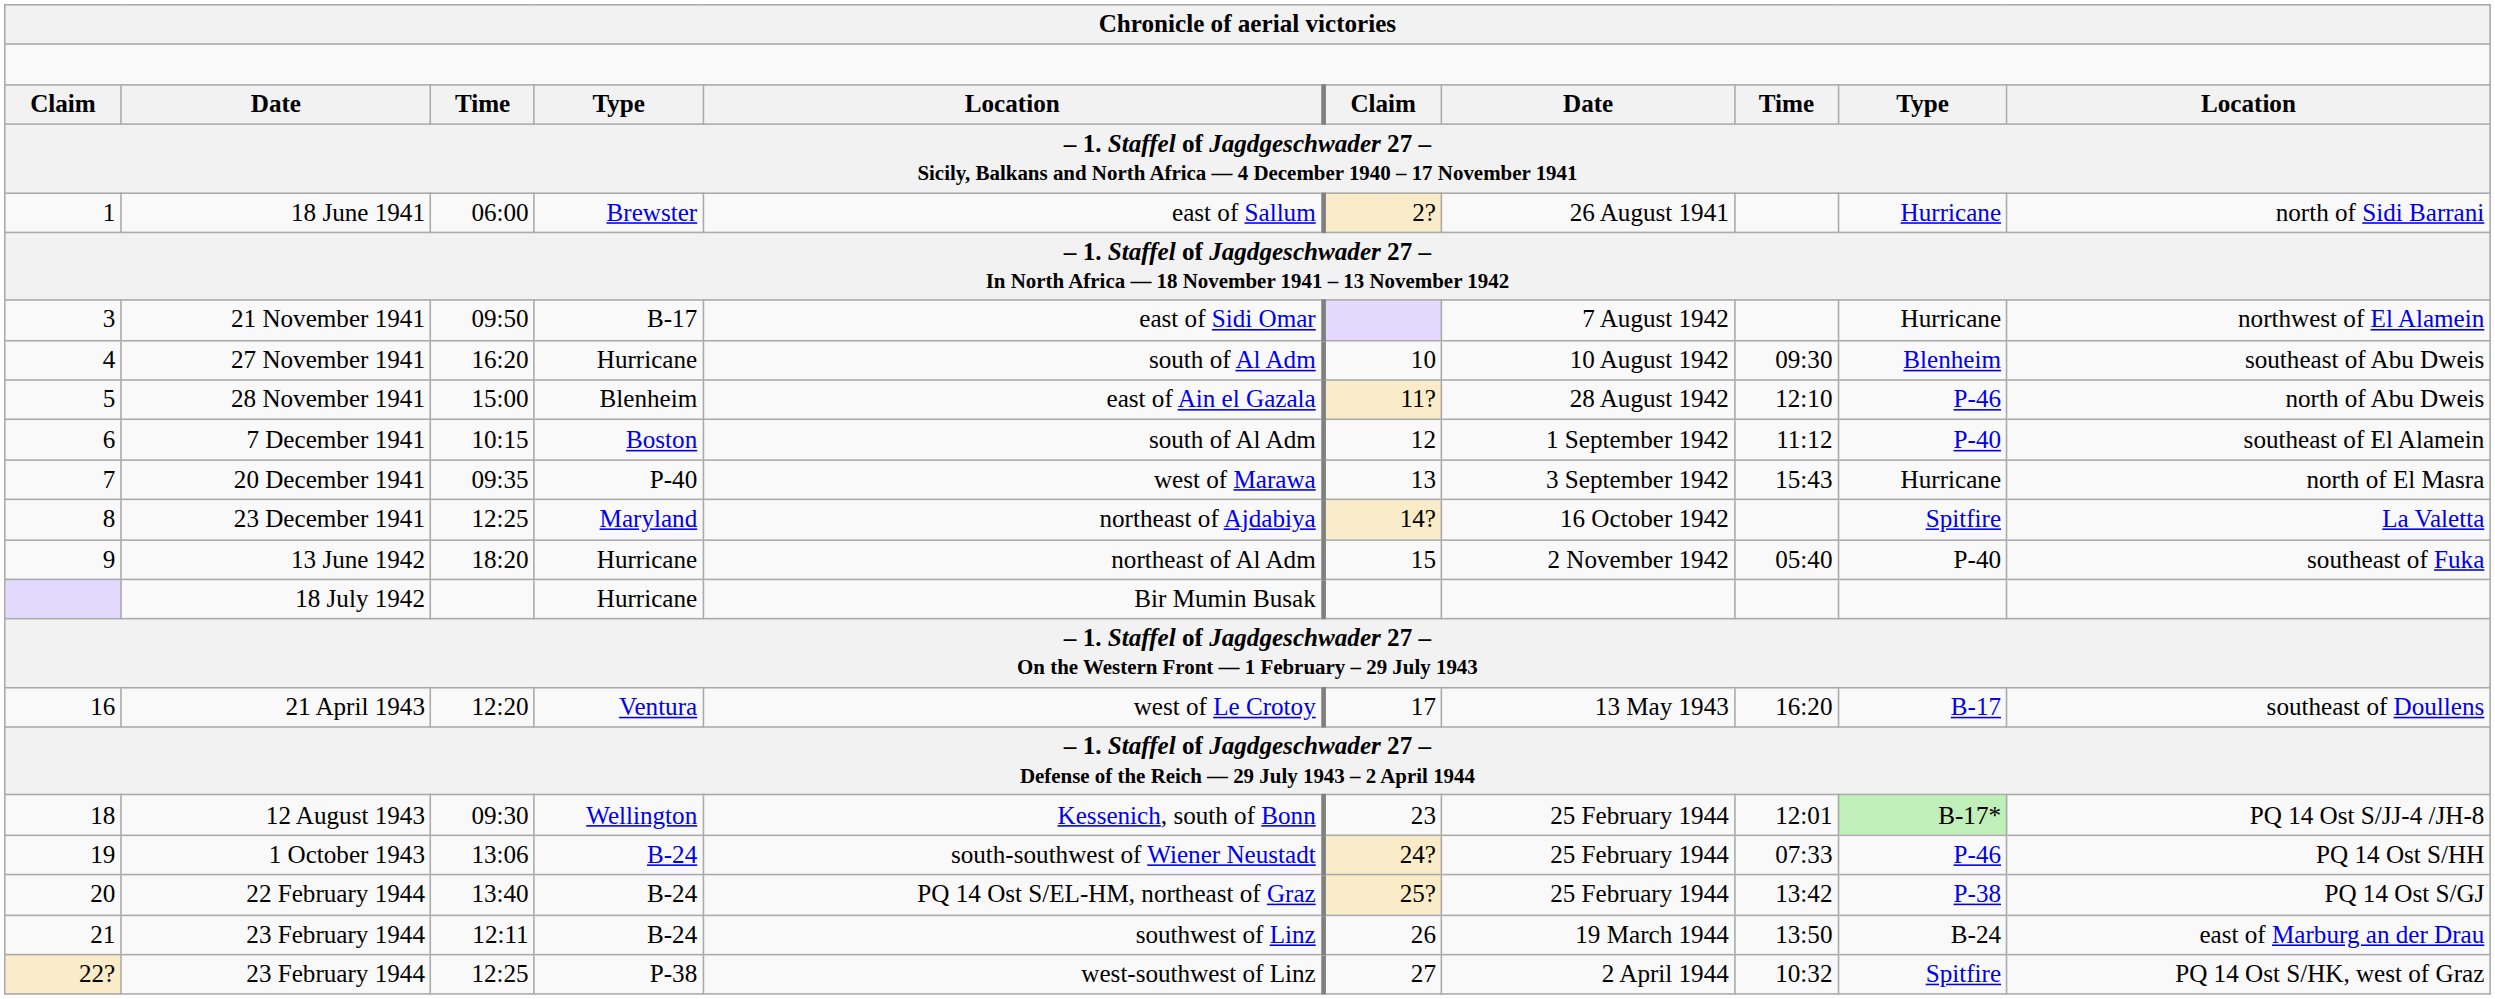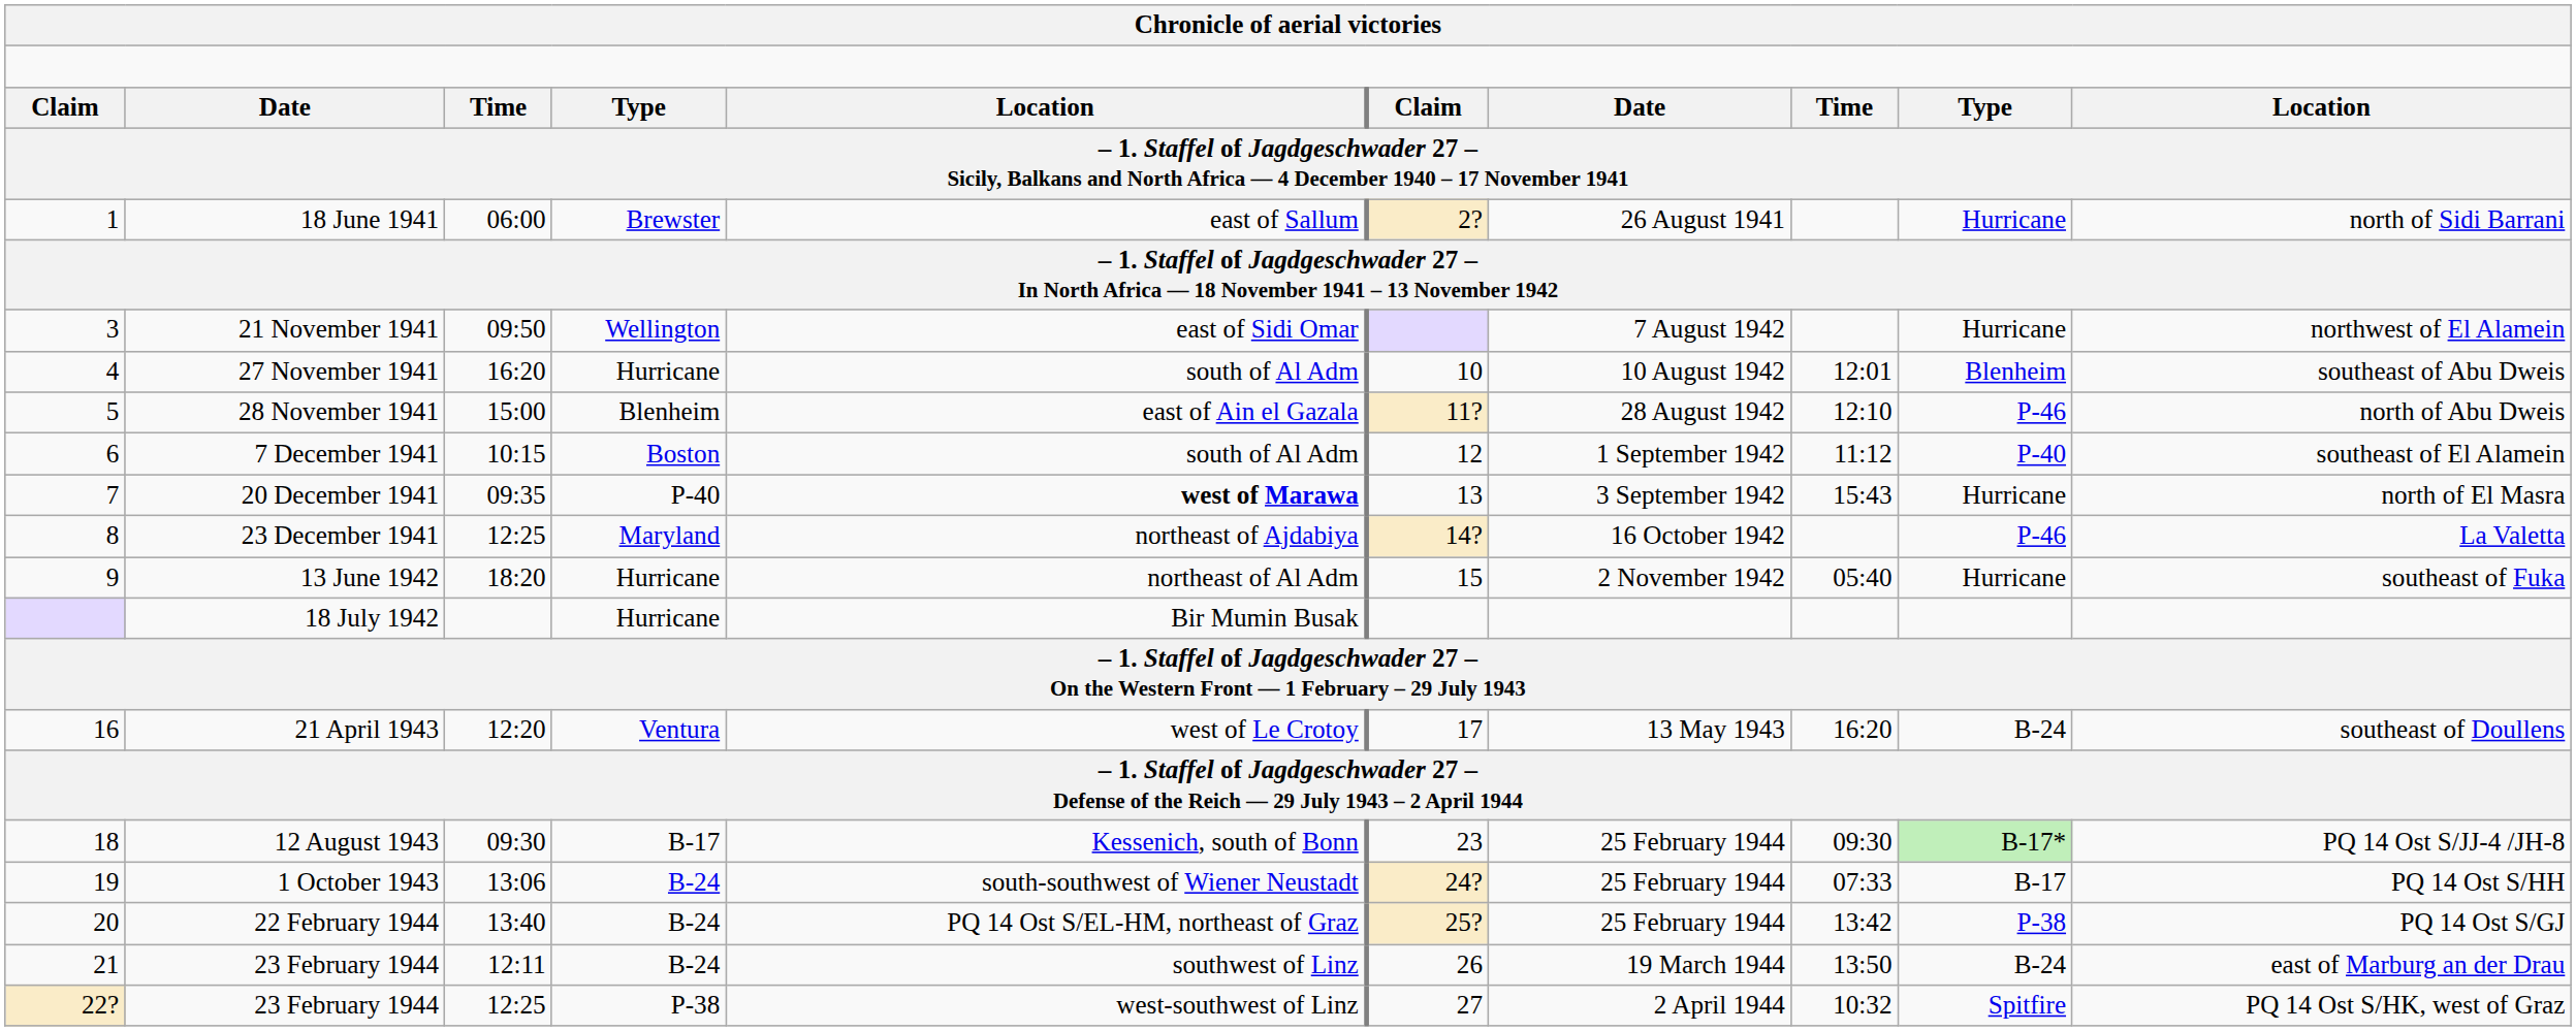 <table class="wikitable plainrowheaders collapsible" style="margin-left: auto; margin-right: auto; border: none; text-align:right; width: 100%;">
 <tr>
 <th colspan="10">Chronicle of aerial victories</th>
 </tr>
 <tr>
 <td colspan="12" style="text-align: left;"><br>  </td>
 </tr>
 <tr>
 <th scope="col">Claim</th>
 <th scope="col">Date</th>
 <th scope="col">Time</th>
 <th scope="col" width="100px">Type</th>
 <th scope="col">Location</th>
 <th scope="col" style="border-left: 3px solid grey;">Claim</th>
 <th scope="col">Date</th>
 <th scope="col">Time</th>
 <th scope="col" width="100px">Type</th>
 <th scope="col">Location</th>
 </tr>
 <tr>
 <th colspan="10">– 1. <em>Staffel</em> of <em>Jagdgeschwader</em> 27 –<br><small>Sicily, Balkans and North Africa — 4 December 1940 – 17 November 1941</small></th>
 </tr>
 <tr>
 <td>1</td>
 <td>18 June 1941</td>
 <td>06:00</td>
 <td><a href='#'>Brewster</a></td>
 <td>east of <a href='#'>Sallum</a></td>
 <td style="border-left: 3px solid grey; background:#faecc8">2?</td>
 <td>26 August 1941</td>
 <td></td>
 <td><a href='#'>Hurricane</a></td>
 <td> north of <a href='#'>Sidi Barrani</a></td>
 </tr>
 <tr>
 <th colspan="10">– 1. <em>Staffel</em> of <em>Jagdgeschwader</em> 27 –<br><small>In North Africa — 18 November 1941 – 13 November 1942</small></th>
 </tr>
 <tr>
 <td>3</td>
 <td>21 November 1941</td>
 <td>09:50</td>
-<td>B-17</td>
+<td><a href='#'>Wellington</a></td>
 <td>east of <a href='#'>Sidi Omar</a></td>
 <td style="border-left: 3px solid grey; background:#e3d9ff;"></td>
 <td>7 August 1942</td>
 <td></td>
 <td>Hurricane</td>
 <td>northwest of <a href='#'>El Alamein</a></td>
 </tr>
 <tr>
 <td>4</td>
 <td>27 November 1941</td>
 <td>16:20</td>
 <td>Hurricane</td>
 <td>south of <a href='#'>Al Adm</a></td>
 <td style="border-left: 3px solid grey;">10</td>
 <td>10 August 1942</td>
-<td>09:30</td>
+<td>12:01</td>
 <td><a href='#'>Blenheim</a></td>
 <td>southeast of Abu Dweis</td>
 </tr>
 <tr>
 <td>5</td>
 <td>28 November 1941</td>
 <td>15:00</td>
 <td>Blenheim</td>
 <td>east of <a href='#'>Ain el Gazala</a></td>
 <td style="border-left: 3px solid grey; background:#faecc8">11?</td>
 <td>28 August 1942</td>
 <td>12:10</td>
 <td><a href='#'>P-46</a></td>
 <td>north of Abu Dweis</td>
 </tr>
 <tr>
 <td>6</td>
 <td>7 December 1941</td>
 <td>10:15</td>
 <td><a href='#'>Boston</a></td>
 <td>south of Al Adm</td>
 <td style="border-left: 3px solid grey;">12</td>
 <td>1 September 1942</td>
 <td>11:12</td>
 <td><a href='#'>P-40</a></td>
 <td>southeast of El Alamein</td>
 </tr>
 <tr>
 <td>7</td>
 <td>20 December 1941</td>
 <td>09:35</td>
 <td>P-40</td>
-<td>west of <a href='#'>Marawa</a></td>
+<td><strong>west of <a href='#'>Marawa</a></strong></td>
 <td style="border-left: 3px solid grey;">13</td>
 <td>3 September 1942</td>
 <td>15:43</td>
 <td>Hurricane</td>
 <td>north of El Masra</td>
 </tr>
 <tr>
 <td>8</td>
 <td>23 December 1941</td>
 <td>12:25</td>
 <td><a href='#'>Maryland</a></td>
 <td>northeast of <a href='#'>Ajdabiya</a></td>
 <td style="border-left: 3px solid grey; background:#faecc8">14?</td>
 <td>16 October 1942</td>
 <td></td>
-<td><a href='#'>Spitfire</a></td>
+<td><a href='#'>P-46</a></td>
 <td><a href='#'>La Valetta</a></td>
 </tr>
 <tr>
 <td>9</td>
 <td>13 June 1942</td>
 <td>18:20</td>
 <td>Hurricane</td>
 <td>northeast of Al Adm</td>
 <td style="border-left: 3px solid grey;">15</td>
 <td>2 November 1942</td>
 <td>05:40</td>
-<td>P-40</td>
+<td>Hurricane</td>
 <td>southeast of <a href='#'>Fuka</a></td>
 </tr>
 <tr>
 <td style="background:#e3d9ff;"></td>
 <td>18 July 1942</td>
 <td></td>
 <td>Hurricane</td>
 <td>Bir Mumin Busak</td>
 <td style="border-left: 3px solid grey;"></td>
 <td></td>
 <td></td>
 <td></td>
 <td></td>
 </tr>
 <tr>
 <th colspan="10">– 1. <em>Staffel</em> of <em>Jagdgeschwader</em> 27 –<br><small>On the Western Front — 1 February – 29 July 1943</small></th>
 </tr>
 <tr>
 <td>16</td>
 <td>21 April 1943</td>
 <td>12:20</td>
 <td><a href='#'>Ventura</a></td>
 <td> west of <a href='#'>Le Crotoy</a></td>
 <td style="border-left: 3px solid grey;">17</td>
 <td>13 May 1943</td>
 <td>16:20</td>
-<td><a href='#'>B-17</a></td>
+<td>B-24</td>
 <td> southeast of <a href='#'>Doullens</a></td>
 </tr>
 <tr>
 <th colspan="10">– 1. <em>Staffel</em> of <em>Jagdgeschwader</em> 27 –<br><small>Defense of the Reich — 29 July 1943 – 2 April 1944</small></th>
 </tr>
 <tr>
 <td>18</td>
 <td>12 August 1943</td>
 <td>09:30</td>
-<td><a href='#'>Wellington</a></td>
+<td>B-17</td>
 <td><a href='#'>Kessenich</a>, south of <a href='#'>Bonn</a></td>
 <td style="border-left: 3px solid grey;">23</td>
 <td>25 February 1944</td>
-<td>12:01</td>
+<td>09:30</td>
 <td style="background:#C0EFBA">B-17*</td>
 <td>PQ 14 Ost S/JJ-4 /JH-8</td>
 </tr>
 <tr>
 <td>19</td>
 <td>1 October 1943</td>
 <td>13:06</td>
 <td><a href='#'>B-24</a></td>
 <td> south-southwest of <a href='#'>Wiener Neustadt</a></td>
 <td style="border-left: 3px solid grey; background:#faecc8">24?</td>
 <td>25 February 1944</td>
 <td>07:33</td>
-<td><a href='#'>P-46</a></td>
+<td>B-17</td>
 <td>PQ 14 Ost S/HH</td>
 </tr>
 <tr>
 <td>20</td>
 <td>22 February 1944</td>
 <td>13:40</td>
 <td>B-24</td>
 <td>PQ 14 Ost S/EL-HM, northeast of <a href='#'>Graz</a></td>
 <td style="border-left: 3px solid grey; background:#faecc8">25?</td>
 <td>25 February 1944</td>
 <td>13:42</td>
 <td><a href='#'>P-38</a></td>
 <td>PQ 14 Ost S/GJ</td>
 </tr>
 <tr>
 <td>21</td>
 <td>23 February 1944</td>
 <td>12:11</td>
 <td>B-24</td>
 <td>southwest of <a href='#'>Linz</a></td>
 <td style="border-left: 3px solid grey;">26</td>
 <td>19 March 1944</td>
 <td>13:50</td>
 <td>B-24</td>
 <td>east of <a href='#'>Marburg an der Drau</a></td>
 </tr>
 <tr>
 <td style="background:#faecc8">22?</td>
 <td>23 February 1944</td>
 <td>12:25</td>
 <td>P-38</td>
 <td>west-southwest of Linz</td>
 <td style="border-left: 3px solid grey;">27</td>
 <td>2 April 1944</td>
 <td>10:32</td>
 <td><a href='#'>Spitfire</a></td>
 <td>PQ 14 Ost S/HK, west of Graz</td>
 </tr>
 </table>
